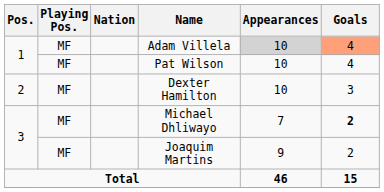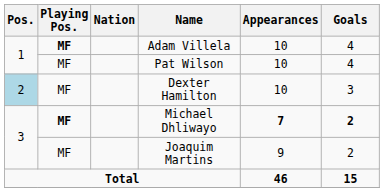 <table class="wikitable sortable" style="font-size:100%; text-align:center">
 <tr>
 <th width=15>Pos.</th>
 <th width=15>Playing Pos.</th>
 <th width=15>Nation</th>
 <th width=110>Name</th>
 <th width=50>Appearances</th>
 <th width=60>Goals</th>
 </tr>
 <tr>
 <td rowspan=2>1</td>
-<td>MF</td>
+<td><strong>MF</strong></td>
 <td></td>
 <td>Adam Villela</td>
-<td style="background: lightgrey;">10</td>
-<td style="background: lightsalmon;">4</td>
+<td>10</td>
+<td>4</td>
 </tr>
 <tr>
 <td>MF</td>
 <td></td>
 <td>Pat Wilson</td>
 <td>10</td>
 <td>4</td>
 </tr>
 <tr>
-<td>2</td>
+<td style="background: lightblue;">2</td>
 <td>MF</td>
 <td></td>
 <td>Dexter Hamilton</td>
 <td>10</td>
 <td>3</td>
 </tr>
 <tr>
 <td rowspan=2>3</td>
-<td>MF</td>
+<td><strong>MF</strong></td>
 <td></td>
 <td>Michael Dhliwayo</td>
-<td>7</td>
+<td><strong>7</strong></td>
 <td><strong>2</strong></td>
 </tr>
 <tr>
 <td>MF</td>
 <td></td>
 <td>Joaquim Martins</td>
 <td>9</td>
 <td>2</td>
 </tr>
 <tr>
 <td colspan=4><strong>Total</strong></td>
 <td><strong>46</strong></td>
 <td><strong>15</strong></td>
 </tr>
 <tr>
 </tr>
 </table>
